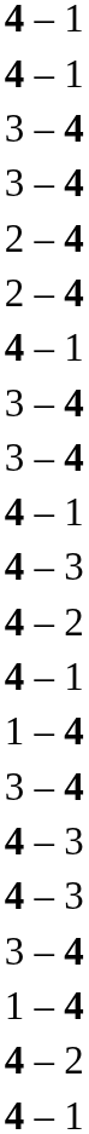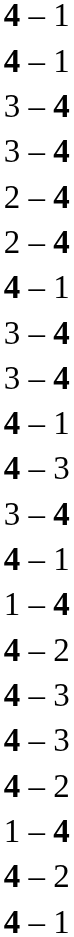 <table style="text-align:center">
 <tr>
 <th width=223></th>
 <th width=100></th>
 <th width=223></th>
 </tr>
 <tr>
 <td align=right></td>
 <td><strong>4</strong> – 1</td>
 <td align=left></td>
 </tr>
 <tr>
 <td align=right></td>
 <td><strong>4</strong> – 1</td>
 <td align=left></td>
 </tr>
 <tr>
 <td align=right></td>
 <td>3 – <strong>4</strong></td>
 <td align=left></td>
 </tr>
 <tr>
 <td align=right></td>
 <td>3 – <strong>4</strong></td>
 <td align=left></td>
 </tr>
 <tr>
 <td align=right></td>
 <td>2 – <strong>4</strong></td>
 <td align=left></td>
 </tr>
 <tr>
 <td align=right></td>
 <td>2 – <strong>4</strong></td>
 <td align=left></td>
 </tr>
 <tr>
 <td align=right></td>
 <td><strong>4</strong> – 1</td>
 <td align=left></td>
 </tr>
 <tr>
 <td align=right></td>
 <td>3 – <strong>4</strong></td>
 <td align=left></td>
 </tr>
 <tr>
 <td align=right></td>
 <td>3 – <strong>4</strong></td>
 <td align=left></td>
 </tr>
 <tr>
 <td align=right></td>
 <td><strong>4</strong> – 1</td>
 <td align=left></td>
 </tr>
 <tr>
 <td align=right></td>
 <td><strong>4</strong> – 3</td>
 <td align=left></td>
 </tr>
 <tr>
 <td align=right></td>
-<td><strong>4</strong> – 2</td>
+<td>3 – <strong>4</strong></td>
 <td align=left></td>
 </tr>
 <tr>
 <td align=right></td>
 <td><strong>4</strong> – 1</td>
 <td align=left></td>
 </tr>
 <tr>
 <td align=right></td>
 <td>1 – <strong>4</strong></td>
 <td align=left></td>
 </tr>
 <tr>
 <td align=right></td>
-<td>3 – <strong>4</strong></td>
+<td><strong>4</strong> – 2</td>
 <td align=left></td>
 </tr>
 <tr>
 <td align=right></td>
 <td><strong>4</strong> – 3</td>
 <td align=left></td>
 </tr>
 <tr>
 <td align=right></td>
 <td><strong>4</strong> – 3</td>
 <td align=left></td>
 </tr>
 <tr>
 <td align=right></td>
-<td>3 – <strong>4</strong></td>
+<td><strong>4</strong> – 2</td>
 <td align=left></td>
 </tr>
 <tr>
 <td align=right></td>
 <td>1 – <strong>4</strong></td>
 <td align=left></td>
 </tr>
 <tr>
 <td align=right></td>
 <td><strong>4</strong> – 2</td>
 <td align=left></td>
 </tr>
 <tr>
 <td align=right></td>
 <td><strong>4</strong> – 1</td>
 <td align=left></td>
 </tr>
 </table>
